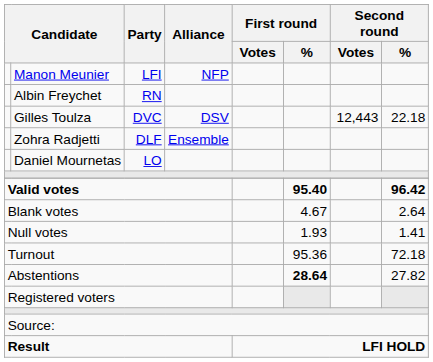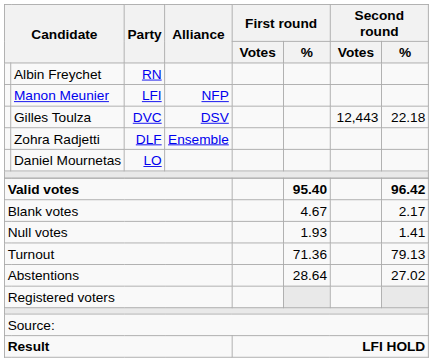 <table class="wikitable" style="text-align:right;font-size:95%;">
 <tr>
 <th colspan="2" rowspan="2">Candidate</th>
 <th colspan="1" rowspan="2">Party</th>
 <th colspan="1" rowspan="2">Alliance</th>
 <th colspan="2">First round</th>
 <th colspan="2">Second round</th>
 </tr>
 <tr>
 <th style="width:50px;">Votes</th>
 <th style="width:45px;">%</th>
 <th style="width:50px;">Votes</th>
 <th style="width:45px;">%</th>
 </tr>
 <tr>
 <td style="color:inherit;background:"></td>
+<td style="text-align:left;">Albin Freychet</td>
+<td><a href='#'>RN</a></td>
+<td></td>
+<td></td>
+<td></td>
+<td></td>
+<td></td>
+</tr>
+<tr>
+<td style="color:inherit;background:"></td>
 <td style="text-align:left;"><a href='#'>Manon Meunier</a></td>
 <td><a href='#'>LFI</a></td>
 <td><a href='#'>NFP</a></td>
 <td></td>
 <td></td>
 <td><strong></strong></td>
 <td><strong></strong></td>
-</tr>
-<tr>
-<td style="color:inherit;background:"></td>
-<td style="text-align:left;">Albin Freychet</td>
-<td><a href='#'>RN</a></td>
-<td></td>
-<td></td>
-<td></td>
-<td></td>
-<td></td>
 </tr>
 <tr>
 <td style="color:inherit;background:"></td>
 <td style="text-align:left;">Gilles Toulza</td>
 <td><a href='#'>DVC</a></td>
 <td><a href='#'>DSV</a></td>
 <td></td>
 <td></td>
 <td>12,443</td>
 <td>22.18</td>
 </tr>
 <tr>
 <td style="color:inherit;background:"></td>
 <td style="text-align:left;">Zohra Radjetti</td>
 <td><a href='#'>DLF</a></td>
 <td><a href='#'>Ensemble</a></td>
 <td></td>
 <td></td>
 <td></td>
 <td></td>
 </tr>
 <tr>
 <td style="color:inherit;background:"></td>
 <td style="text-align:left;">Daniel Mournetas</td>
 <td><a href='#'>LO</a></td>
 <td></td>
 <td></td>
 <td></td>
 <td></td>
 <td></td>
 </tr>
 <tr>
 <td colspan="8" style="background:#E9E9E9;"></td>
 </tr>
 <tr>
 </tr>
 <tr style="font-weight:bold;">
 <td colspan="4" style="text-align:left;">Valid votes</td>
 <td></td>
 <td>95.40</td>
 <td></td>
 <td>96.42</td>
 </tr>
 <tr>
 <td colspan="4" style="text-align:left;">Blank votes</td>
 <td></td>
 <td>4.67</td>
 <td></td>
-<td>2.64</td>
+<td>2.17</td>
 </tr>
 <tr>
 <td colspan="4" style="text-align:left;">Null votes</td>
 <td></td>
 <td>1.93</td>
 <td></td>
 <td>1.41</td>
 </tr>
 <tr>
 <td colspan="4" style="text-align:left;">Turnout</td>
 <td></td>
-<td>95.36</td>
+<td>71.36</td>
 <td></td>
-<td>72.18</td>
+<td>79.13</td>
 </tr>
 <tr>
 <td colspan="4" style="text-align:left;">Abstentions</td>
 <td></td>
-<td><strong>28.64</strong></td>
+<td>28.64</td>
 <td></td>
-<td>27.82</td>
+<td>27.02</td>
 </tr>
 <tr>
 <td colspan="4" style="text-align:left;">Registered voters</td>
 <td></td>
 <td style="background:#E9E9E9;"></td>
 <td></td>
 <td style="background:#E9E9E9;"></td>
 </tr>
 <tr>
 <td colspan="8" style="background:#E9E9E9;"></td>
 </tr>
 <tr>
 <td colspan="8" style="text-align:left;">Source: </td>
 </tr>
 <tr style="font-weight:bold">
 <td colspan="4" style="text-align:left;">Result</td>
 <td colspan="4" style="background-color:">LFI HOLD</td>
 </tr>
 </table>
